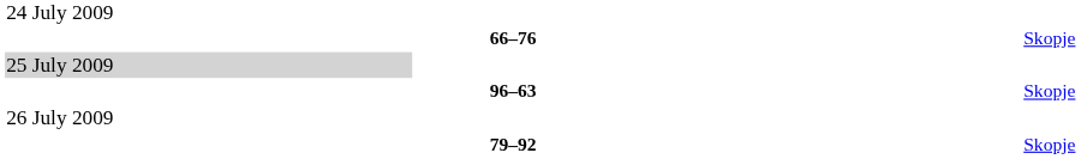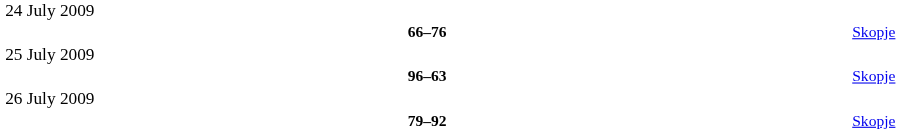 <table style="width:100%;" cellspacing="1">
 <tr>
 <th width=25%></th>
 <th width=3%></th>
 <th width=6%></th>
 <th width=3%></th>
 <th width=25%></th>
 </tr>
 <tr>
 <td>24 July 2009</td>
 </tr>
 <tr style=font-size:90%>
 <td align=right><strong></strong></td>
 <td></td>
 <td align=center><strong>66–76</strong></td>
 <td></td>
 <td><strong></strong></td>
 <td><a href='#'>Skopje</a></td>
 </tr>
 <tr>
-<td style="background: lightgrey;">25 July 2009</td>
+<td>25 July 2009</td>
 </tr>
 <tr style=font-size:90%>
 <td align=right><strong></strong></td>
 <td></td>
 <td align=center><strong>96–63</strong></td>
 <td></td>
 <td><strong></strong></td>
 <td><a href='#'>Skopje</a></td>
 </tr>
 <tr>
 <td>26 July 2009</td>
 </tr>
 <tr style=font-size:90%>
 <td align=right><strong></strong></td>
 <td></td>
 <td align=center><strong>79–92</strong></td>
 <td></td>
 <td><strong></strong></td>
 <td><a href='#'>Skopje</a></td>
 </tr>
 </table>
